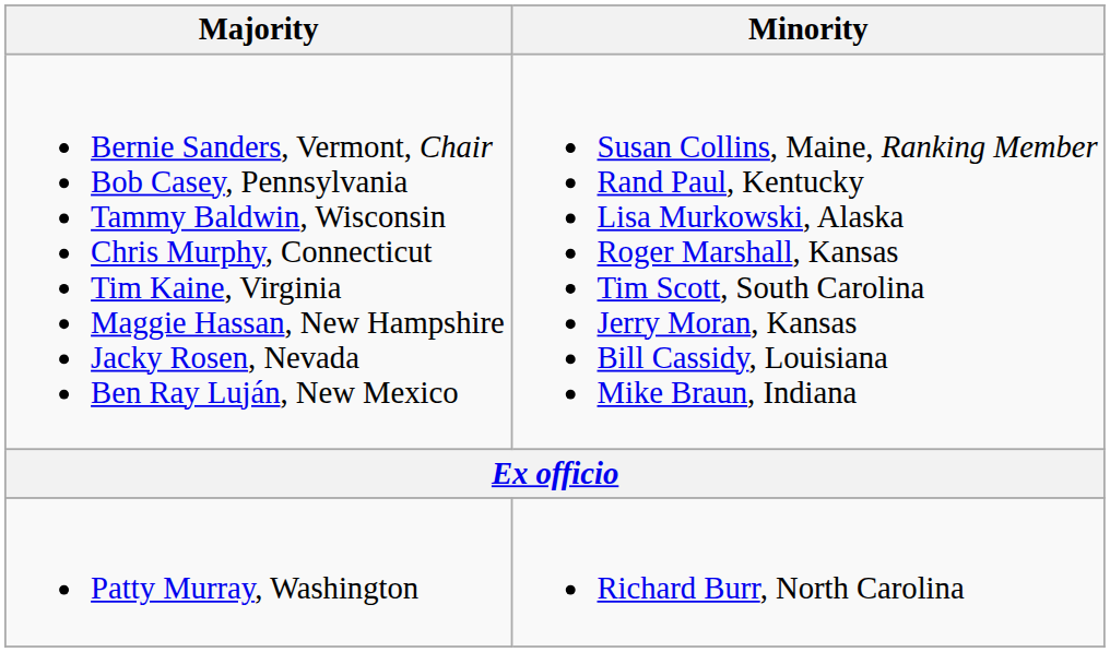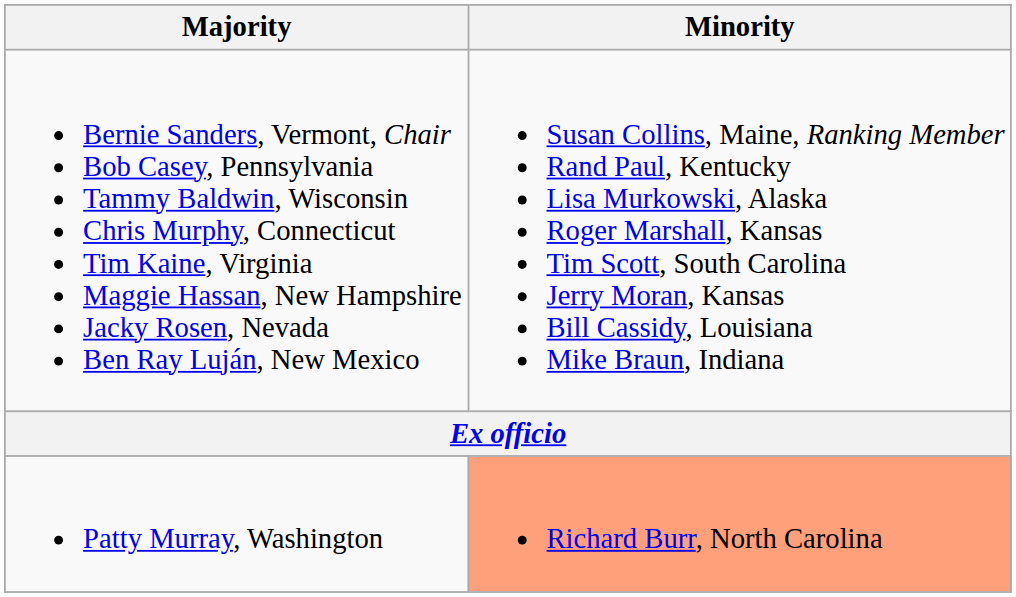 <table class="wikitable">
 <tr>
 <th>Majority</th>
 <th>Minority</th>
 </tr>
 <tr>
 <td><br><ul><li><span><a href='#'>Bernie Sanders</a>, Vermont, <em>Chair</em></span></li><li><a href='#'>Bob Casey</a>, Pennsylvania</li><li><a href='#'>Tammy Baldwin</a>, Wisconsin</li><li><a href='#'>Chris Murphy</a>, Connecticut</li><li><a href='#'>Tim Kaine</a>, Virginia</li><li><a href='#'>Maggie Hassan</a>, New Hampshire</li><li><a href='#'>Jacky Rosen</a>, Nevada</li><li><a href='#'>Ben Ray Luján</a>, New Mexico</li></ul></td>
 <td><br><ul><li><a href='#'>Susan Collins</a>, Maine, <em>Ranking Member</em></li><li><a href='#'>Rand Paul</a>, Kentucky</li><li><a href='#'>Lisa Murkowski</a>, Alaska</li><li><a href='#'>Roger Marshall</a>, Kansas</li><li><a href='#'>Tim Scott</a>, South Carolina</li><li><a href='#'>Jerry Moran</a>, Kansas</li><li><a href='#'>Bill Cassidy</a>, Louisiana</li><li><a href='#'>Mike Braun</a>, Indiana</li></ul></td>
 </tr>
 <tr>
 <th colspan="2"><em><a href='#'>Ex officio</a></em></th>
 </tr>
 <tr>
 <td><br><ul><li><a href='#'>Patty Murray</a>, Washington</li></ul></td>
-<td><br><ul><li><a href='#'>Richard Burr</a>, North Carolina</li></ul></td>
+<td style="background: lightsalmon;"><br><ul><li><a href='#'>Richard Burr</a>, North Carolina</li></ul></td>
 </tr>
 </table>
